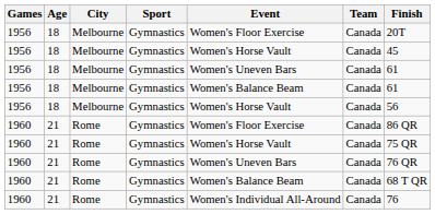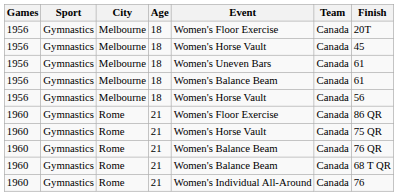 <table class="wikitable" border="1">
 <tr>
 <th>Games</th>
+<th>Sport</th>
+<th>City</th>
 <th>Age</th>
-<th>City</th>
-<th>Sport</th>
 <th>Event</th>
 <th>Team</th>
 <th>Finish</th>
 </tr>
 <tr>
 <td>1956</td>
+<td>Gymnastics</td>
+<td>Melbourne</td>
 <td>18</td>
-<td>Melbourne</td>
-<td>Gymnastics</td>
 <td>Women's Floor Exercise</td>
 <td>Canada</td>
 <td>20T</td>
 </tr>
 <tr>
 <td>1956</td>
+<td>Gymnastics</td>
+<td>Melbourne</td>
 <td>18</td>
-<td>Melbourne</td>
-<td>Gymnastics</td>
 <td>Women's Horse Vault</td>
 <td>Canada</td>
 <td>45</td>
 </tr>
 <tr>
 <td>1956</td>
+<td>Gymnastics</td>
+<td>Melbourne</td>
 <td>18</td>
-<td>Melbourne</td>
-<td>Gymnastics</td>
 <td>Women's Uneven Bars</td>
 <td>Canada</td>
 <td>61</td>
 </tr>
 <tr>
 <td>1956</td>
+<td>Gymnastics</td>
+<td>Melbourne</td>
 <td>18</td>
-<td>Melbourne</td>
-<td>Gymnastics</td>
 <td>Women's Balance Beam</td>
 <td>Canada</td>
 <td>61</td>
 </tr>
 <tr>
 <td>1956</td>
+<td>Gymnastics</td>
+<td>Melbourne</td>
 <td>18</td>
-<td>Melbourne</td>
-<td>Gymnastics</td>
 <td>Women's Horse Vault</td>
 <td>Canada</td>
 <td>56</td>
 </tr>
 <tr>
 <td>1960</td>
+<td>Gymnastics</td>
+<td>Rome</td>
 <td>21</td>
-<td>Rome</td>
-<td>Gymnastics</td>
 <td>Women's Floor Exercise</td>
 <td>Canada</td>
 <td>86 QR</td>
 </tr>
 <tr>
 <td>1960</td>
+<td>Gymnastics</td>
+<td>Rome</td>
 <td>21</td>
-<td>Rome</td>
-<td>Gymnastics</td>
 <td>Women's Horse Vault</td>
 <td>Canada</td>
 <td>75 QR</td>
 </tr>
 <tr>
 <td>1960</td>
+<td>Gymnastics</td>
+<td>Rome</td>
 <td>21</td>
-<td>Rome</td>
-<td>Gymnastics</td>
-<td>Women's Uneven Bars</td>
+<td>Women's Balance Beam</td>
 <td>Canada</td>
 <td>76 QR</td>
 </tr>
 <tr>
 <td>1960</td>
+<td>Gymnastics</td>
+<td>Rome</td>
 <td>21</td>
-<td>Rome</td>
-<td>Gymnastics</td>
 <td>Women's Balance Beam</td>
 <td>Canada</td>
 <td>68 T QR</td>
 </tr>
 <tr>
 <td>1960</td>
+<td>Gymnastics</td>
+<td>Rome</td>
 <td>21</td>
-<td>Rome</td>
-<td>Gymnastics</td>
 <td>Women's Individual All-Around</td>
 <td>Canada</td>
 <td>76</td>
 </tr>
 </table>
